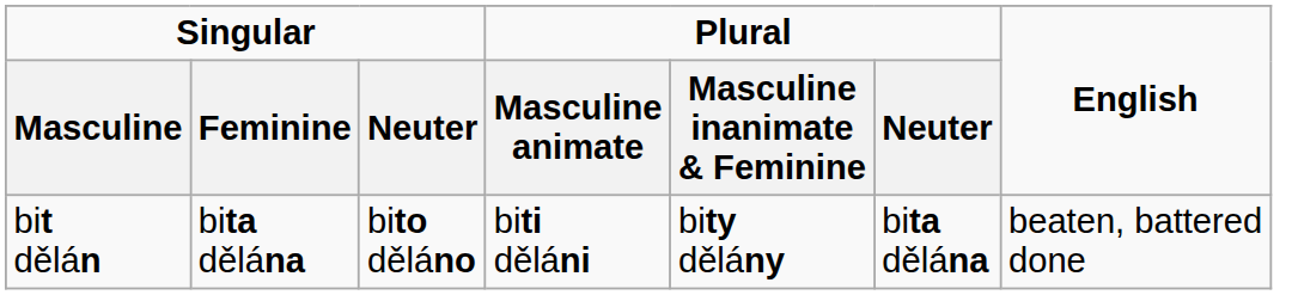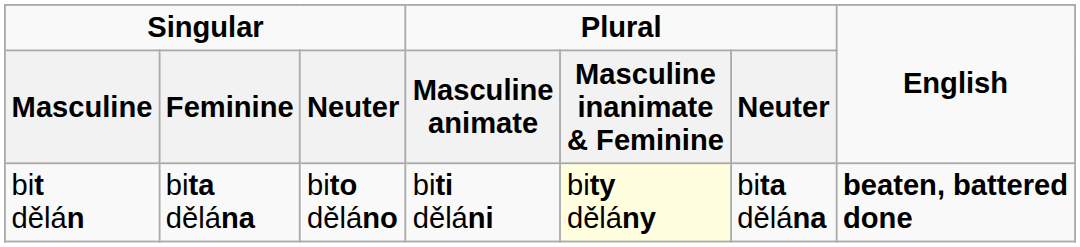 <table class=wikitable>
 <tr>
 <td colspan=3 align=center><strong>Singular</strong></td>
 <td colspan=3 align=center><strong>Plural</strong></td>
 <td Rowspan=2 align=center><strong>English</strong></td>
 </tr>
 <tr>
 <th>Masculine</th>
 <th>Feminine</th>
 <th>Neuter</th>
 <th>Masculine<br>animate</th>
 <th>Masculine<br>inanimate<br>& Feminine</th>
 <th>Neuter</th>
 </tr>
 <tr>
 <td>bi<strong>t</strong><br>dělá<strong>n</strong></td>
 <td>bi<strong>ta</strong><br>dělá<strong>na</strong></td>
 <td>bi<strong>to</strong><br>dělá<strong>no</strong></td>
 <td>bi<strong>ti</strong><br>dělá<strong>ni</strong></td>
-<td>bi<strong>ty</strong><br>dělá<strong>ny</strong></td>
+<td style="background: lightyellow;">bi<strong>ty</strong><br>dělá<strong>ny</strong></td>
 <td>bi<strong>ta</strong><br>dělá<strong>na</strong></td>
-<td>beaten, battered<br>done</td>
+<td><strong>beaten, battered<br>done</strong></td>
 </tr>
 </table>
